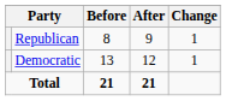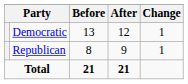 <table class="wikitable" style="text-align:center;">
 <tr>
 </tr>
 <tr>
 <th colspan=2>Party</th>
 <th>Before</th>
 <th>After</th>
 <th>Change</th>
 </tr>
 <tr>
 <th style="background-color:"></th>
-<td style="text-align:left;"><a href='#'>Republican</a></td>
-<td>8</td>
-<td>9</td>
+<td style="text-align:left;"><a href='#'>Democratic</a></td>
+<td>13</td>
+<td>12</td>
 <td> 1</td>
 </tr>
 <tr>
 <th style="background-color:"></th>
-<td style="text-align:left;"><a href='#'>Democratic</a></td>
-<td>13</td>
-<td>12</td>
+<td style="text-align:left;"><a href='#'>Republican</a></td>
+<td>8</td>
+<td>9</td>
 <td> 1</td>
 </tr>
 <tr>
 <td colspan=2><strong>Total</strong></td>
 <td><strong>21</strong></td>
 <td><strong>21</strong></td>
 <td></td>
 </tr>
 </table>
